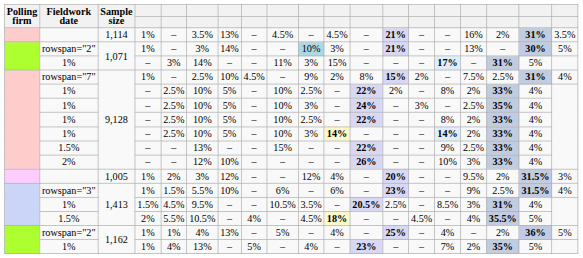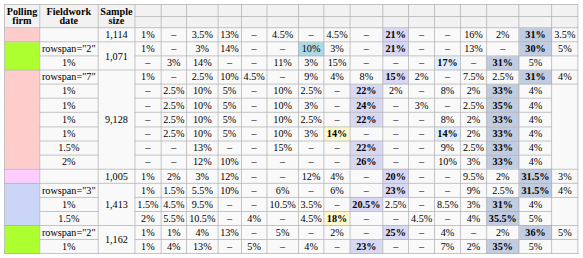 <table class="wikitable sortable" style="text-align:center;font-size:95%;line-height:14px;">
 <tr>
 <th rowspan="2">Polling<br>firm</th>
 <th rowspan="2">Fieldwork<br>date</th>
 <th rowspan="2">Sample<br>size</th>
 <th></th>
 <th></th>
 <th></th>
 <th></th>
 <th></th>
 <th></th>
 <th></th>
 <th></th>
 <th></th>
 <th></th>
 <th></th>
 <th></th>
 <th></th>
 <th></th>
 <th></th>
 <th></th>
 </tr>
 <tr>
 <th style="background:"></th>
 <th style="background:"></th>
 <th style="background:"></th>
 <th style="background:"></th>
 <th style="background:"></th>
 <th style="background:"></th>
 <th style="background:"></th>
 <th style="background:"></th>
 <th style="background:"></th>
 <th style="background:"></th>
 <th style="background:"></th>
 <th style="background:"></th>
 <th style="background:"></th>
 <th style="background:"></th>
 <th style="background:"></th>
 <th style="background:"></th>
 </tr>
 <tr>
 <td style="background:#FFCCCC;"></td>
 <td></td>
 <td>1,114</td>
 <td>1%</td>
 <td>–</td>
 <td>3.5%</td>
 <td>13%</td>
 <td>–</td>
 <td>4.5%</td>
 <td>–</td>
 <td>4.5%</td>
 <td>–</td>
 <td style="background:#D8D8F4;"><strong>21%</strong></td>
 <td>–</td>
 <td>–</td>
 <td>16%</td>
 <td>2%</td>
 <td style="background:#C1CCE1;"><strong>31%</strong></td>
 <td>3.5%</td>
 </tr>
 <tr>
 <td rowspan="2" style="background:GreenYellow;"></td>
 <td>rowspan="2" </td>
 <td rowspan="2">1,071</td>
 <td>1%</td>
 <td>–</td>
 <td>3%</td>
 <td>14%</td>
 <td>–</td>
 <td>–</td>
 <td style="background: lightblue;">10%</td>
 <td>3%</td>
 <td>–</td>
 <td style="background:#D8D8F4;"><strong>21%</strong></td>
 <td>–</td>
 <td>–</td>
 <td>13%</td>
 <td>–</td>
 <td style="background:#C1CCE1;"><strong>30%</strong></td>
 <td>5%</td>
 </tr>
 <tr>
 <td>1%</td>
 <td>–</td>
 <td>3%</td>
 <td>14%</td>
 <td>–</td>
 <td>–</td>
 <td>11%</td>
 <td>3%</td>
 <td>15%</td>
 <td>–</td>
 <td>–</td>
 <td>–</td>
 <td style="background:#DFEEFF;"><strong>17%</strong></td>
 <td>–</td>
 <td style="background:#C1CCE1;"><strong>31%</strong></td>
 <td>5%</td>
 </tr>
 <tr>
 <td rowspan="7" style="background:#FFCCCC;"></td>
 <td>rowspan="7" </td>
 <td rowspan="7">9,128</td>
 <td>1%</td>
 <td>–</td>
 <td>2.5%</td>
 <td>10%</td>
 <td>4.5%</td>
 <td>–</td>
 <td>9%</td>
-<td>2%</td>
+<td>4%</td>
 <td>8%</td>
 <td style="background:#D8D8F4;"><strong>15%</strong></td>
 <td>2%</td>
 <td>–</td>
 <td>7.5%</td>
 <td>2.5%</td>
 <td style="background:#C1CCE1;"><strong>31%</strong></td>
 <td>4%</td>
 </tr>
 <tr>
 <td>1%</td>
 <td>–</td>
 <td>2.5%</td>
 <td>10%</td>
 <td>5%</td>
 <td>–</td>
 <td>10%</td>
 <td>2.5%</td>
 <td>–</td>
 <td style="background:#D8D8F4;"><strong>22%</strong></td>
 <td>2%</td>
 <td>–</td>
 <td>8%</td>
 <td>2%</td>
 <td style="background:#C1CCE1;"><strong>33%</strong></td>
 <td>4%</td>
 </tr>
 <tr>
 <td>1%</td>
 <td>–</td>
 <td>2.5%</td>
 <td>10%</td>
 <td>5%</td>
 <td>–</td>
 <td>10%</td>
 <td>3%</td>
 <td>–</td>
 <td style="background:#D8D8F4;"><strong>24%</strong></td>
 <td>–</td>
 <td>3%</td>
 <td>–</td>
 <td>2.5%</td>
 <td style="background:#C1CCE1;"><strong>35%</strong></td>
 <td>4%</td>
 </tr>
 <tr>
 <td>1%</td>
 <td>–</td>
 <td>2.5%</td>
 <td>10%</td>
 <td>5%</td>
 <td>–</td>
 <td>10%</td>
 <td>2.5%</td>
 <td>–</td>
 <td style="background:#D8D8F4;"><strong>22%</strong></td>
 <td>–</td>
 <td>–</td>
 <td>8%</td>
 <td>2%</td>
 <td style="background:#C1CCE1;"><strong>33%</strong></td>
 <td>4%</td>
 </tr>
 <tr>
 <td>1%</td>
 <td>–</td>
 <td>2.5%</td>
 <td>10%</td>
 <td>5%</td>
 <td>–</td>
 <td>10%</td>
 <td>3%</td>
 <td style="background:#FFF8CA;"><strong>14%</strong></td>
 <td>–</td>
 <td>–</td>
 <td>–</td>
 <td style="background:#DFEEFF;"><strong>14%</strong></td>
 <td>2%</td>
 <td style="background:#C1CCE1;"><strong>33%</strong></td>
 <td>4%</td>
 </tr>
 <tr>
 <td>1.5%</td>
 <td>–</td>
 <td>–</td>
 <td>13%</td>
 <td>–</td>
 <td>–</td>
 <td>15%</td>
 <td>–</td>
 <td>–</td>
 <td style="background:#D8D8F4;"><strong>22%</strong></td>
 <td>–</td>
 <td>–</td>
 <td>9%</td>
 <td>2.5%</td>
 <td style="background:#C1CCE1;"><strong>33%</strong></td>
 <td>4%</td>
 </tr>
 <tr>
 <td>2%</td>
 <td>–</td>
 <td>–</td>
 <td>12%</td>
 <td>10%</td>
 <td>–</td>
 <td>–</td>
 <td>–</td>
 <td>–</td>
 <td style="background:#D8D8F4;"><strong>26%</strong></td>
 <td>–</td>
 <td>–</td>
 <td>10%</td>
 <td>3%</td>
 <td style="background:#C1CCE1;"><strong>33%</strong></td>
 <td>4%</td>
 </tr>
 <tr>
 <td style="background:#FFCCFF;"></td>
 <td></td>
 <td>1,005</td>
 <td>1%</td>
 <td>2%</td>
 <td>3%</td>
 <td>12%</td>
 <td>–</td>
 <td>–</td>
 <td>12%</td>
 <td>4%</td>
 <td>–</td>
 <td style="background:#D8D8F4;"><strong>20%</strong></td>
 <td>–</td>
 <td>–</td>
 <td>9.5%</td>
 <td>2%</td>
 <td style="background:#C1CCE1;"><strong>31.5%</strong></td>
 <td>3%</td>
 </tr>
 <tr>
 <td rowspan="3" style="background:#CAD5F7;"></td>
 <td>rowspan="3" </td>
 <td rowspan="3">1,413</td>
 <td>1%</td>
 <td>1.5%</td>
 <td>5.5%</td>
 <td>10%</td>
 <td>–</td>
 <td>6%</td>
 <td>–</td>
 <td>6%</td>
 <td>–</td>
 <td style="background:#D8D8F4;"><strong>23%</strong></td>
 <td>–</td>
 <td>–</td>
 <td>9%</td>
 <td>2.5%</td>
 <td style="background:#C1CCE1;"><strong>31.5%</strong></td>
 <td>4%</td>
 </tr>
 <tr>
 <td>1%</td>
 <td>1.5%</td>
 <td>4.5%</td>
 <td>9.5%</td>
 <td>–</td>
 <td>–</td>
 <td>10.5%</td>
 <td>3.5%</td>
 <td>–</td>
 <td style="background:#D8D8F4;"><strong>20.5%</strong></td>
 <td>2.5%</td>
 <td>–</td>
 <td>8.5%</td>
 <td>3%</td>
 <td style="background:#C1CCE1;"><strong>31%</strong></td>
 <td>4%</td>
 </tr>
 <tr>
 <td>1.5%</td>
 <td>2%</td>
 <td>5.5%</td>
 <td>10.5%</td>
 <td>–</td>
 <td>4%</td>
 <td>–</td>
 <td>4.5%</td>
 <td style="background:#FFF8CA;"><strong>18%</strong></td>
 <td>–</td>
 <td>–</td>
 <td>4.5%</td>
 <td>–</td>
 <td>4%</td>
 <td style="background:#C1CCE1;"><strong>35.5%</strong></td>
 <td>5%</td>
 </tr>
 <tr>
 <td rowspan="2" style="background:GreenYellow;"></td>
 <td>rowspan="2" </td>
 <td rowspan="2">1,162</td>
 <td>1%</td>
 <td>1%</td>
 <td>4%</td>
 <td>13%</td>
 <td>–</td>
 <td>5%</td>
 <td>–</td>
-<td>4%</td>
+<td>2%</td>
 <td>–</td>
 <td style="background:#D8D8F4;"><strong>25%</strong></td>
 <td>–</td>
 <td>4%</td>
 <td>–</td>
 <td>2%</td>
 <td style="background:#C1CCE1;"><strong>36%</strong></td>
 <td>5%</td>
 </tr>
 <tr>
 <td>1%</td>
 <td>1%</td>
 <td>4%</td>
 <td>13%</td>
 <td>–</td>
 <td>5%</td>
 <td>–</td>
 <td>4%</td>
 <td>–</td>
 <td style="background:#D8D8F4;"><strong>23%</strong></td>
 <td>–</td>
 <td>–</td>
 <td>7%</td>
 <td>2%</td>
 <td style="background:#C1CCE1;"><strong>35%</strong></td>
 <td>5%</td>
 </tr>
 </table>
